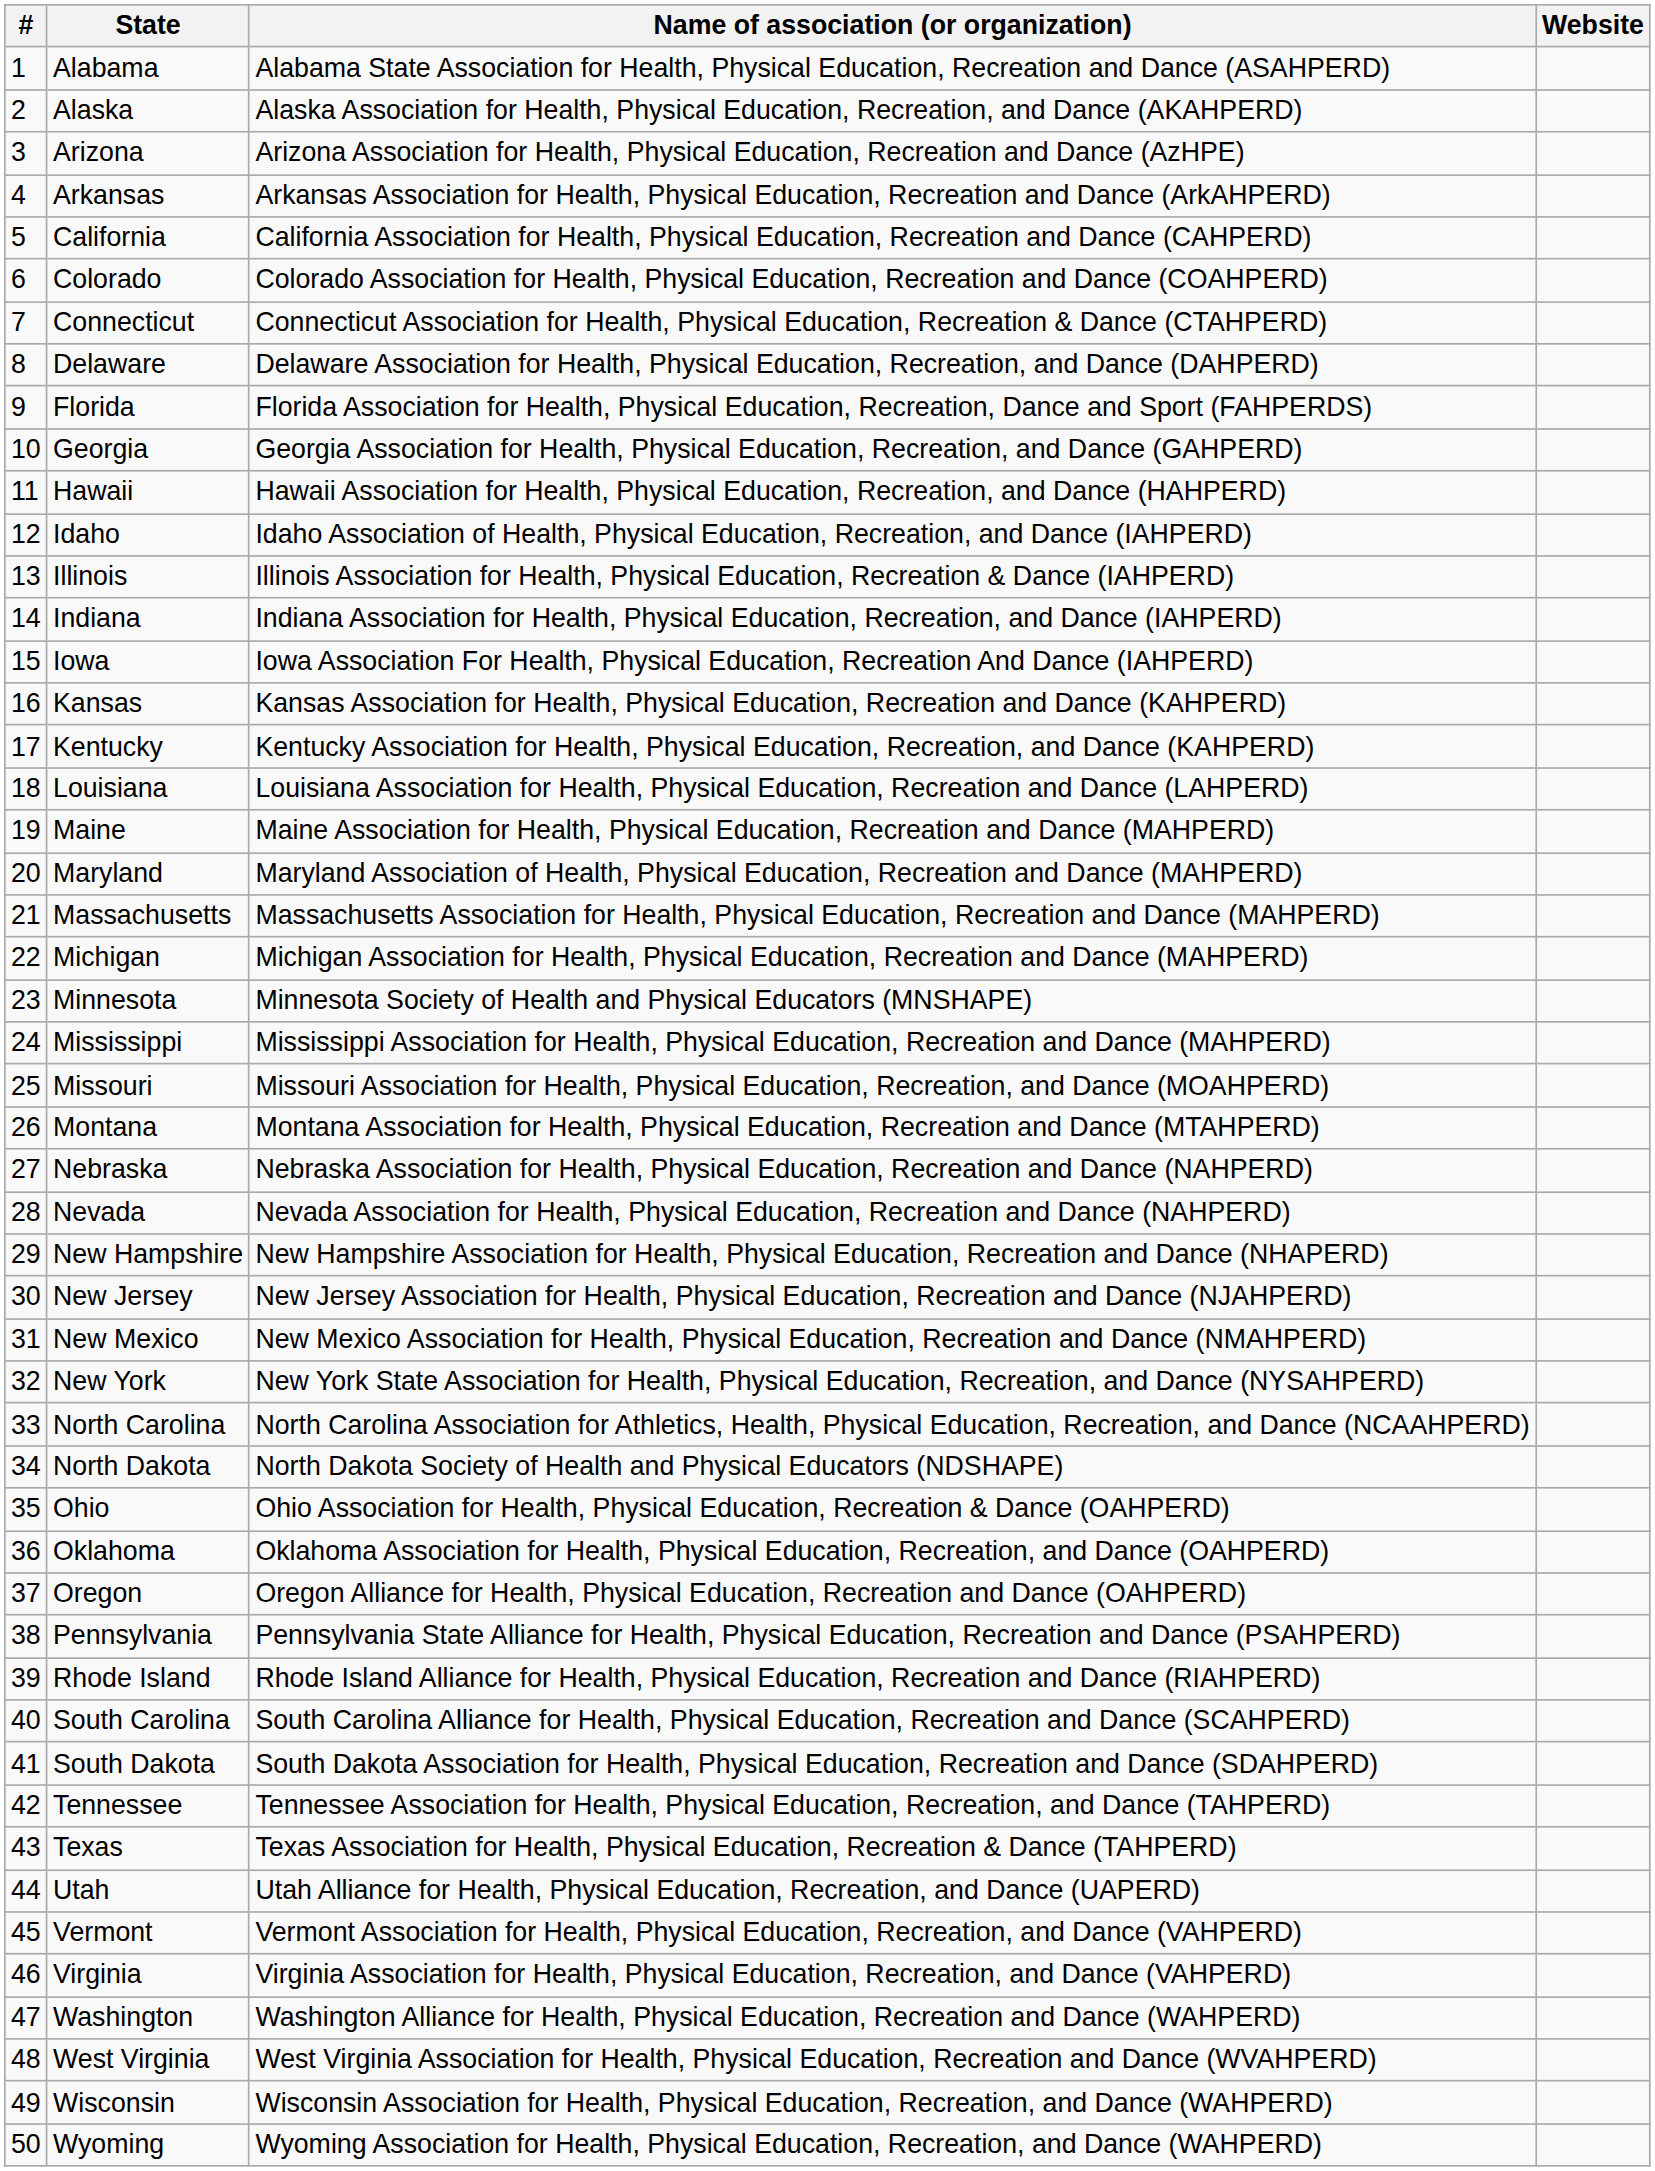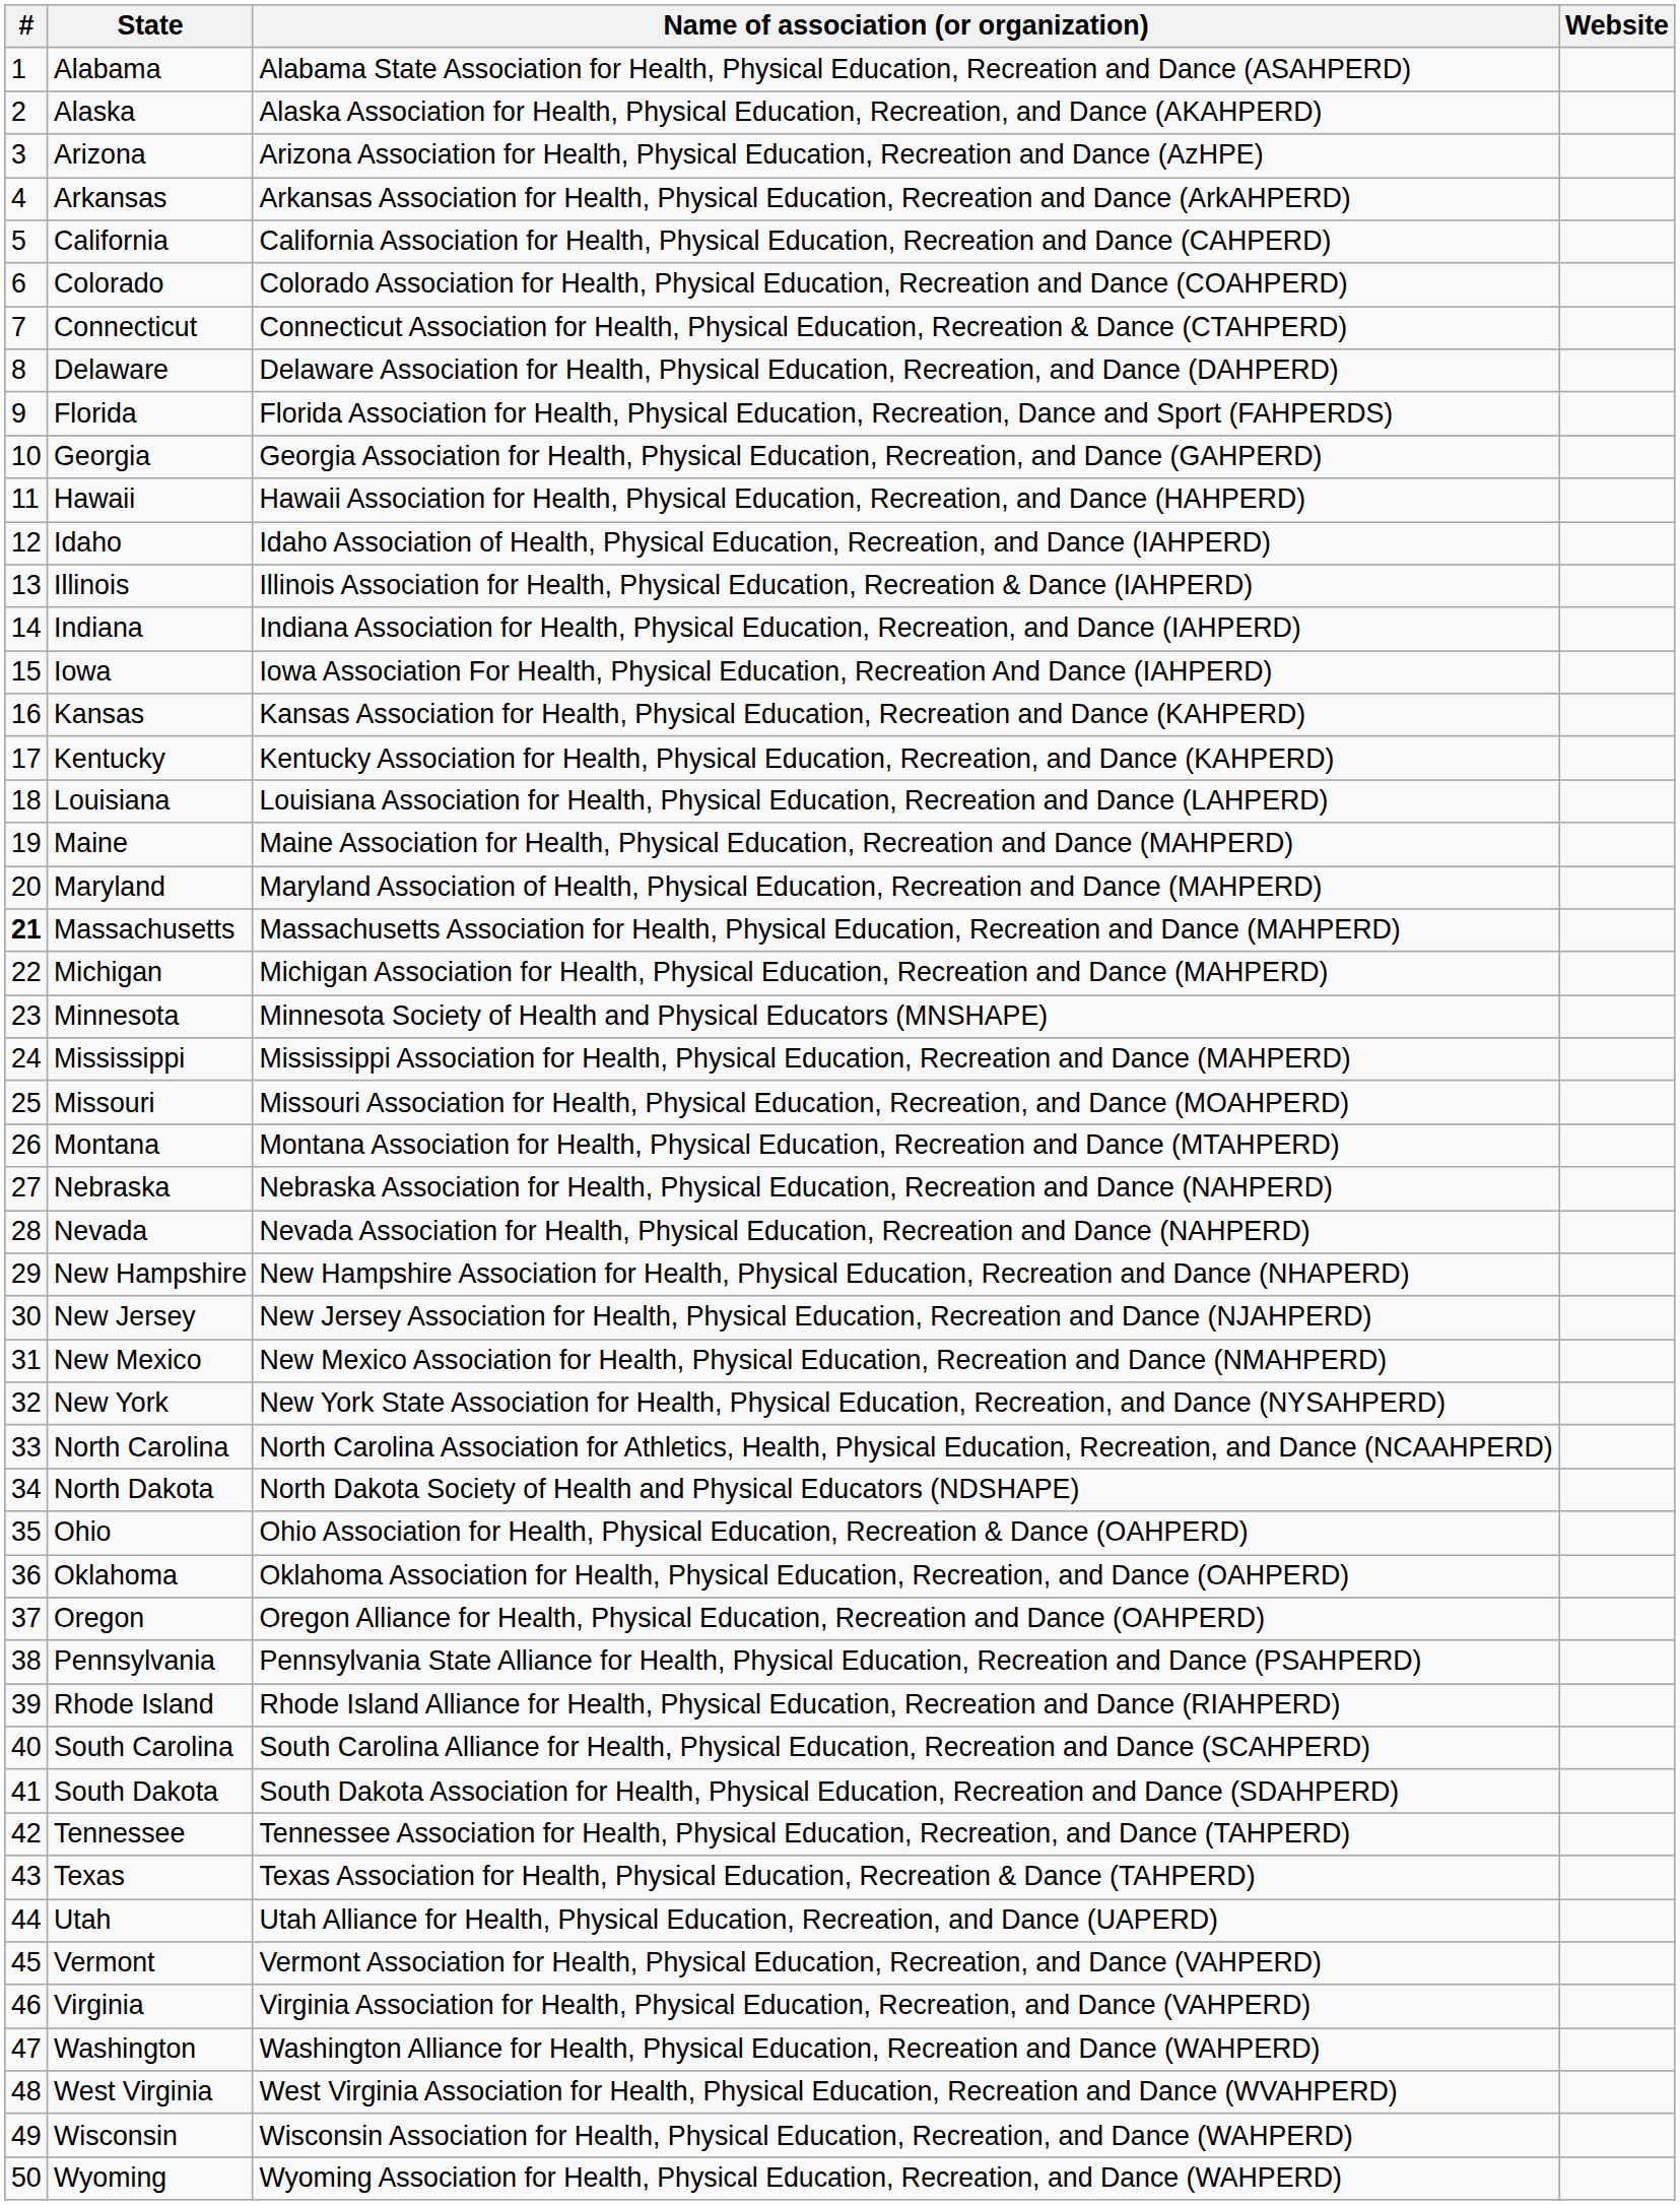 <table class="wikitable">
 <tr>
 <th>#</th>
 <th>State</th>
 <th>Name of association (or organization)</th>
 <th>Website</th>
 </tr>
 <tr>
 <td>1</td>
 <td>Alabama</td>
 <td>Alabama State Association for Health, Physical Education, Recreation and Dance (ASAHPERD)</td>
 <td></td>
 </tr>
 <tr>
 <td>2</td>
 <td>Alaska</td>
 <td>Alaska Association for Health, Physical Education, Recreation, and Dance (AKAHPERD)</td>
 <td></td>
 </tr>
 <tr>
 <td>3</td>
 <td>Arizona</td>
 <td>Arizona Association for Health, Physical Education, Recreation and Dance (AzHPE)</td>
 <td></td>
 </tr>
 <tr>
 <td>4</td>
 <td>Arkansas</td>
 <td>Arkansas Association for Health, Physical Education, Recreation and Dance (ArkAHPERD)</td>
 <td></td>
 </tr>
 <tr>
 <td>5</td>
 <td>California</td>
 <td>California Association for Health, Physical Education, Recreation and Dance (CAHPERD)</td>
 <td></td>
 </tr>
 <tr>
 <td>6</td>
 <td>Colorado</td>
 <td>Colorado Association for Health, Physical Education, Recreation and Dance (COAHPERD)</td>
 <td></td>
 </tr>
 <tr>
 <td>7</td>
 <td>Connecticut</td>
 <td>Connecticut Association for Health, Physical Education, Recreation & Dance (CTAHPERD)</td>
 <td></td>
 </tr>
 <tr>
 <td>8</td>
 <td>Delaware</td>
 <td>Delaware Association for Health, Physical Education, Recreation, and Dance (DAHPERD)</td>
 <td></td>
 </tr>
 <tr>
 <td>9</td>
 <td>Florida</td>
 <td>Florida Association for Health, Physical Education, Recreation, Dance and Sport (FAHPERDS)</td>
 <td></td>
 </tr>
 <tr>
 <td>10</td>
 <td>Georgia</td>
 <td>Georgia Association for Health, Physical Education, Recreation, and Dance (GAHPERD)</td>
 <td></td>
 </tr>
 <tr>
 <td>11</td>
 <td>Hawaii</td>
 <td>Hawaii Association for Health, Physical Education, Recreation, and Dance (HAHPERD)</td>
 <td></td>
 </tr>
 <tr>
 <td>12</td>
 <td>Idaho</td>
 <td>Idaho Association of Health, Physical Education, Recreation, and Dance (IAHPERD)</td>
 <td></td>
 </tr>
 <tr>
 <td>13</td>
 <td>Illinois</td>
 <td>Illinois Association for Health, Physical Education, Recreation & Dance (IAHPERD)</td>
 <td></td>
 </tr>
 <tr>
 <td>14</td>
 <td>Indiana</td>
 <td>Indiana Association for Health, Physical Education, Recreation, and Dance (IAHPERD)</td>
 <td></td>
 </tr>
 <tr>
 <td>15</td>
 <td>Iowa</td>
 <td>Iowa Association For Health, Physical Education, Recreation And Dance (IAHPERD)</td>
 <td></td>
 </tr>
 <tr>
 <td>16</td>
 <td>Kansas</td>
 <td>Kansas Association for Health, Physical Education, Recreation and Dance (KAHPERD)</td>
 <td></td>
 </tr>
 <tr>
 <td>17</td>
 <td>Kentucky</td>
 <td>Kentucky Association for Health, Physical Education, Recreation, and Dance (KAHPERD)</td>
 <td></td>
 </tr>
 <tr>
 <td>18</td>
 <td>Louisiana</td>
 <td>Louisiana Association for Health, Physical Education, Recreation and Dance (LAHPERD)</td>
 <td></td>
 </tr>
 <tr>
 <td>19</td>
 <td>Maine</td>
 <td>Maine Association for Health, Physical Education, Recreation and Dance (MAHPERD)</td>
 <td></td>
 </tr>
 <tr>
 <td>20</td>
 <td>Maryland</td>
 <td>Maryland Association of Health, Physical Education, Recreation and Dance (MAHPERD)</td>
 <td></td>
 </tr>
 <tr>
-<td>21</td>
+<td><strong>21</strong></td>
 <td>Massachusetts</td>
 <td>Massachusetts Association for Health, Physical Education, Recreation and Dance (MAHPERD)</td>
 <td></td>
 </tr>
 <tr>
 <td>22</td>
 <td>Michigan</td>
 <td>Michigan Association for Health, Physical Education, Recreation and Dance (MAHPERD)</td>
 <td></td>
 </tr>
 <tr>
 <td>23</td>
 <td>Minnesota</td>
 <td>Minnesota Society of Health and Physical Educators (MNSHAPE)</td>
 <td></td>
 </tr>
 <tr>
 <td>24</td>
 <td>Mississippi</td>
 <td>Mississippi Association for Health, Physical Education, Recreation and Dance (MAHPERD)</td>
 <td></td>
 </tr>
 <tr>
 <td>25</td>
 <td>Missouri</td>
 <td>Missouri Association for Health, Physical Education, Recreation, and Dance (MOAHPERD)</td>
 <td></td>
 </tr>
 <tr>
 <td>26</td>
 <td>Montana</td>
 <td>Montana Association for Health, Physical Education, Recreation and Dance (MTAHPERD)</td>
 <td></td>
 </tr>
 <tr>
 <td>27</td>
 <td>Nebraska</td>
 <td>Nebraska Association for Health, Physical Education, Recreation and Dance (NAHPERD)</td>
 <td></td>
 </tr>
 <tr>
 <td>28</td>
 <td>Nevada</td>
 <td>Nevada Association for Health, Physical Education, Recreation and Dance (NAHPERD)</td>
 <td></td>
 </tr>
 <tr>
 <td>29</td>
 <td>New Hampshire</td>
 <td>New Hampshire Association for Health, Physical Education, Recreation and Dance (NHAPERD)</td>
 <td></td>
 </tr>
 <tr>
 <td>30</td>
 <td>New Jersey</td>
 <td>New Jersey Association for Health, Physical Education, Recreation and Dance (NJAHPERD)</td>
 <td></td>
 </tr>
 <tr>
 <td>31</td>
 <td>New Mexico</td>
 <td>New Mexico Association for Health, Physical Education, Recreation and Dance (NMAHPERD)</td>
 <td></td>
 </tr>
 <tr>
 <td>32</td>
 <td>New York</td>
 <td>New York State Association for Health, Physical Education, Recreation, and Dance (NYSAHPERD)</td>
 <td></td>
 </tr>
 <tr>
 <td>33</td>
 <td>North Carolina</td>
 <td>North Carolina Association for Athletics, Health, Physical Education, Recreation, and Dance (NCAAHPERD)</td>
 <td></td>
 </tr>
 <tr>
 <td>34</td>
 <td>North Dakota</td>
 <td>North Dakota Society of Health and Physical Educators (NDSHAPE)</td>
 <td></td>
 </tr>
 <tr>
 <td>35</td>
 <td>Ohio</td>
 <td>Ohio Association for Health, Physical Education, Recreation & Dance (OAHPERD)</td>
 <td></td>
 </tr>
 <tr>
 <td>36</td>
 <td>Oklahoma</td>
 <td>Oklahoma Association for Health, Physical Education, Recreation, and Dance (OAHPERD)</td>
 <td></td>
 </tr>
 <tr>
 <td>37</td>
 <td>Oregon</td>
 <td>Oregon Alliance for Health, Physical Education, Recreation and Dance (OAHPERD)</td>
 <td></td>
 </tr>
 <tr>
 <td>38</td>
 <td>Pennsylvania</td>
 <td>Pennsylvania State Alliance for Health, Physical Education, Recreation and Dance (PSAHPERD)</td>
 <td></td>
 </tr>
 <tr>
 <td>39</td>
 <td>Rhode Island</td>
 <td>Rhode Island Alliance for Health, Physical Education, Recreation and Dance (RIAHPERD)</td>
 <td></td>
 </tr>
 <tr>
 <td>40</td>
 <td>South Carolina</td>
 <td>South Carolina Alliance for Health, Physical Education, Recreation and Dance (SCAHPERD)</td>
 <td></td>
 </tr>
 <tr>
 <td>41</td>
 <td>South Dakota</td>
 <td>South Dakota Association for Health, Physical Education, Recreation and Dance (SDAHPERD)</td>
 <td></td>
 </tr>
 <tr>
 <td>42</td>
 <td>Tennessee</td>
 <td>Tennessee Association for Health, Physical Education, Recreation, and Dance (TAHPERD)</td>
 <td></td>
 </tr>
 <tr>
 <td>43</td>
 <td>Texas</td>
 <td>Texas Association for Health, Physical Education, Recreation & Dance (TAHPERD)</td>
 <td></td>
 </tr>
 <tr>
 <td>44</td>
 <td>Utah</td>
 <td>Utah Alliance for Health, Physical Education, Recreation, and Dance (UAPERD)</td>
 <td></td>
 </tr>
 <tr>
 <td>45</td>
 <td>Vermont</td>
 <td>Vermont Association for Health, Physical Education, Recreation, and Dance (VAHPERD)</td>
 <td></td>
 </tr>
 <tr>
 <td>46</td>
 <td>Virginia</td>
 <td>Virginia Association for Health, Physical Education, Recreation, and Dance (VAHPERD)</td>
 <td></td>
 </tr>
 <tr>
 <td>47</td>
 <td>Washington</td>
 <td>Washington Alliance for Health, Physical Education, Recreation and Dance (WAHPERD)</td>
 <td></td>
 </tr>
 <tr>
 <td>48</td>
 <td>West Virginia</td>
 <td>West Virginia Association for Health, Physical Education, Recreation and Dance (WVAHPERD)</td>
 <td></td>
 </tr>
 <tr>
 <td>49</td>
 <td>Wisconsin</td>
 <td>Wisconsin Association for Health, Physical Education, Recreation, and Dance (WAHPERD)</td>
 <td></td>
 </tr>
 <tr>
 <td>50</td>
 <td>Wyoming</td>
 <td>Wyoming Association for Health, Physical Education, Recreation, and Dance (WAHPERD)</td>
 <td></td>
 </tr>
 </table>
